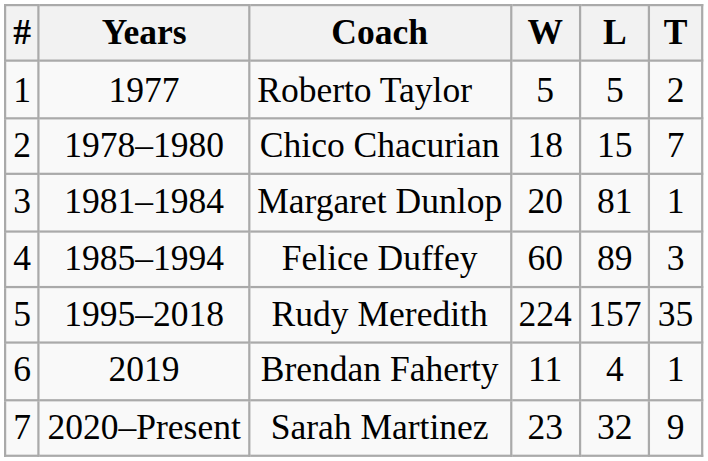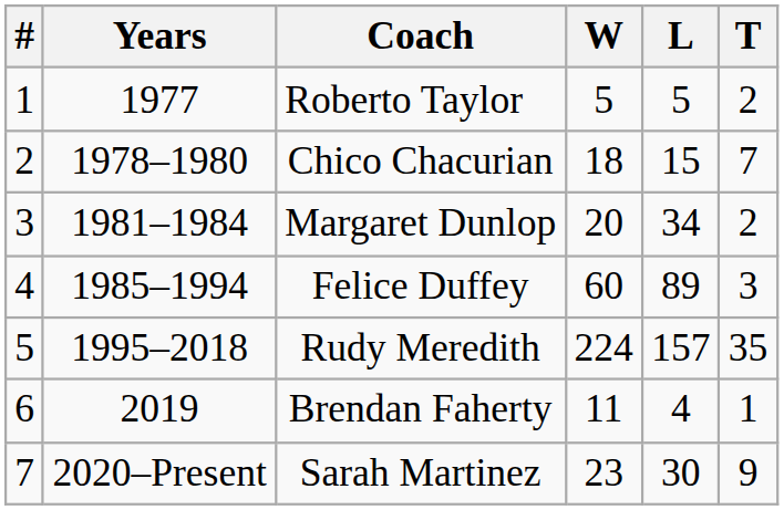 <table class="wikitable" style="text-align:center">
 <tr>
 <th>#</th>
 <th>Years</th>
 <th>Coach</th>
 <th>W</th>
 <th>L</th>
 <th>T</th>
 </tr>
 <tr>
 <td>1</td>
 <td>1977</td>
 <td align=left>Roberto Taylor</td>
 <td>5</td>
 <td>5</td>
 <td>2</td>
 </tr>
 <tr>
 <td>2</td>
 <td>1978–1980</td>
 <td>Chico Chacurian</td>
 <td>18</td>
 <td>15</td>
 <td>7</td>
 </tr>
 <tr>
 <td>3</td>
 <td>1981–1984</td>
 <td>Margaret Dunlop</td>
 <td>20</td>
-<td>81</td>
-<td>1</td>
+<td>34</td>
+<td>2</td>
 </tr>
 <tr>
 <td>4</td>
 <td>1985–1994</td>
 <td>Felice Duffey</td>
 <td>60</td>
 <td>89</td>
 <td>3</td>
 </tr>
 <tr>
 <td>5</td>
 <td>1995–2018</td>
 <td>Rudy Meredith</td>
 <td>224</td>
 <td>157</td>
 <td>35</td>
 </tr>
 <tr>
 <td>6</td>
 <td>2019</td>
 <td>Brendan Faherty</td>
 <td>11</td>
 <td>4</td>
 <td>1</td>
 </tr>
 <tr>
 <td>7</td>
 <td>2020–Present</td>
 <td>Sarah Martinez</td>
 <td>23</td>
-<td>32</td>
+<td>30</td>
 <td>9</td>
 </tr>
 </table>
